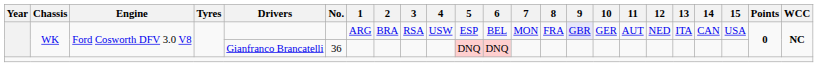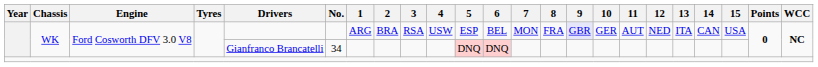 <table class="wikitable" style="text-align:center; font-size:95%">
 <tr>
 <th>Year</th>
 <th>Chassis</th>
 <th>Engine</th>
 <th>Tyres</th>
 <th>Drivers</th>
 <th>No.</th>
 <th>1</th>
 <th>2</th>
 <th>3</th>
 <th>4</th>
 <th>5</th>
 <th>6</th>
 <th>7</th>
 <th>8</th>
 <th>9</th>
 <th>10</th>
 <th>11</th>
 <th>12</th>
 <th>13</th>
 <th>14</th>
 <th>15</th>
 <th>Points</th>
 <th>WCC</th>
 </tr>
 <tr>
 <th rowspan="2"></th>
 <td rowspan="2"><a href='#'>WK</a></td>
 <td rowspan="2"><a href='#'>Ford</a> <a href='#'>Cosworth DFV</a> 3.0 <a href='#'>V8</a></td>
 <td rowspan="2"></td>
 <td></td>
 <td></td>
 <td><a href='#'>ARG</a></td>
 <td><a href='#'>BRA</a></td>
 <td><a href='#'>RSA</a></td>
 <td><a href='#'>USW</a></td>
 <td><a href='#'>ESP</a></td>
 <td><a href='#'>BEL</a></td>
 <td><a href='#'>MON</a></td>
 <td><a href='#'>FRA</a></td>
 <td style="background: lavender;"><a href='#'>GBR</a></td>
 <td><a href='#'>GER</a></td>
 <td><a href='#'>AUT</a></td>
 <td><a href='#'>NED</a></td>
 <td><a href='#'>ITA</a></td>
 <td><a href='#'>CAN</a></td>
 <td><a href='#'>USA</a></td>
 <td rowspan=2><strong>0</strong></td>
 <td rowspan=2><strong>NC</strong></td>
 </tr>
 <tr>
 <td><a href='#'>Gianfranco Brancatelli</a></td>
-<td>36</td>
+<td>34</td>
 <td></td>
 <td></td>
 <td></td>
 <td></td>
 <td style="background:#FFCFCF;">DNQ</td>
 <td style="background:#FFCFCF;">DNQ</td>
 <td></td>
 <td></td>
 <td></td>
 <td></td>
 <td></td>
 <td></td>
 <td></td>
 <td></td>
 <td></td>
 </tr>
 <tr>
 <td colspan="23"></td>
 </tr>
 </table>
